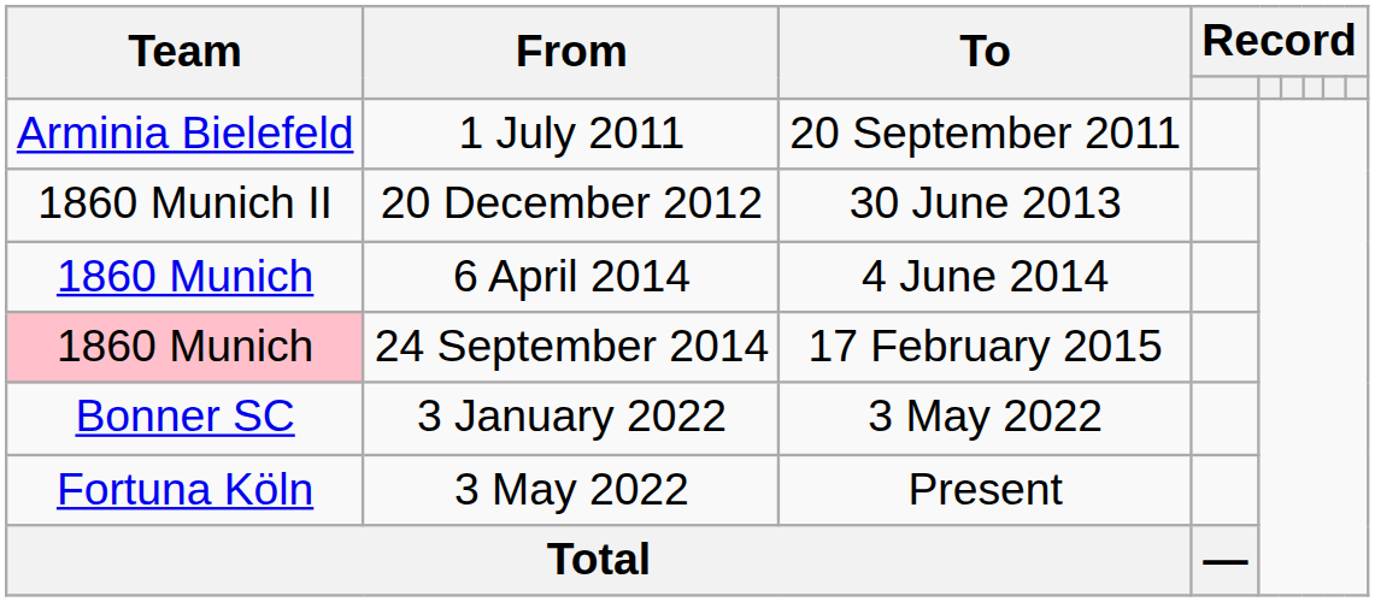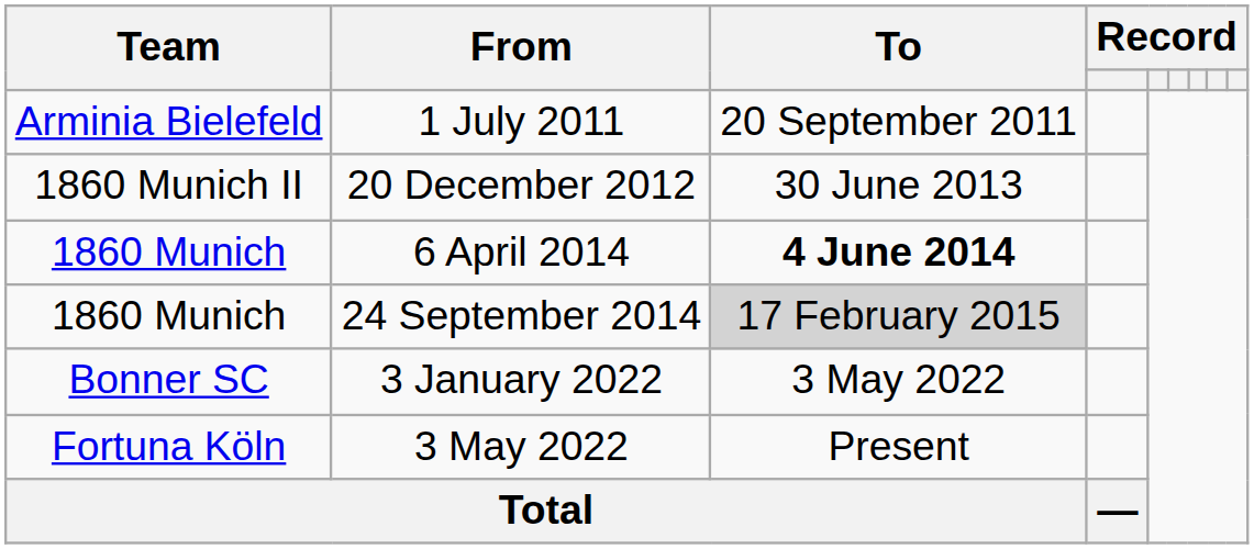 <table class="wikitable" style="text-align: center">
 <tr>
 <th rowspan="2">Team</th>
 <th rowspan="2">From</th>
 <th rowspan="2">To</th>
 <th colspan="6">Record</th>
 </tr>
 <tr>
 <th></th>
 <th></th>
 <th></th>
 <th></th>
 <th></th>
 <th></th>
 </tr>
 <tr>
 <td><a href='#'>Arminia Bielefeld</a></td>
 <td>1 July 2011</td>
 <td>20 September 2011<br></td>
 <td></td>
 </tr>
 <tr>
 <td>1860 Munich II</td>
 <td>20 December 2012</td>
 <td>30 June 2013<br></td>
 <td></td>
 </tr>
 <tr>
 <td><a href='#'>1860 Munich</a></td>
 <td>6 April 2014</td>
-<td>4 June 2014<br></td>
+<td><strong>4 June 2014<br></strong></td>
 <td></td>
 </tr>
 <tr>
-<td style="background: pink;">1860 Munich</td>
+<td>1860 Munich</td>
 <td>24 September 2014</td>
-<td>17 February 2015<br></td>
+<td style="background: lightgrey;">17 February 2015<br></td>
 <td></td>
 </tr>
 <tr>
 <td><a href='#'>Bonner SC</a></td>
 <td>3 January 2022</td>
 <td>3 May 2022<br></td>
 <td></td>
 </tr>
 <tr>
 <td><a href='#'>Fortuna Köln</a></td>
 <td>3 May 2022</td>
 <td>Present<br></td>
 <td></td>
 </tr>
 <tr>
 <th colspan="3">Total<br></th>
 <th>—</th>
 </tr>
 </table>
